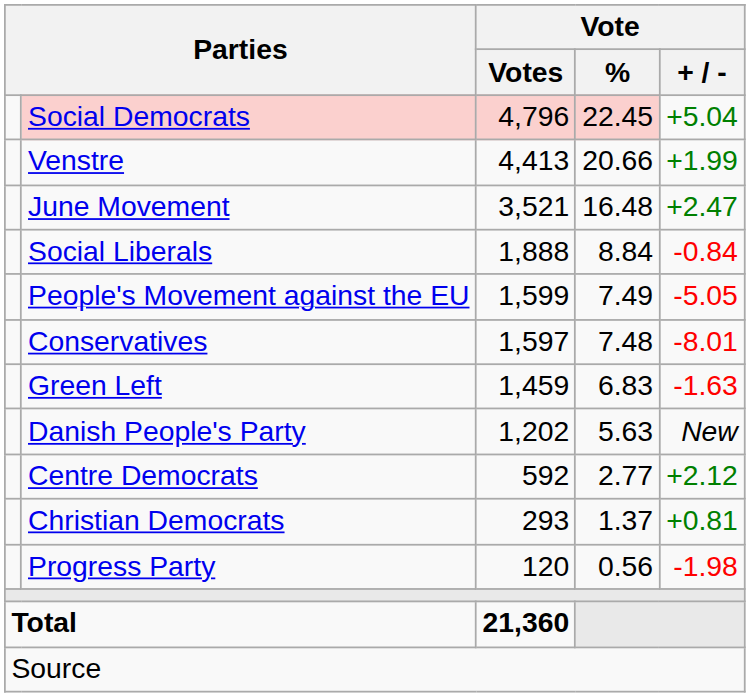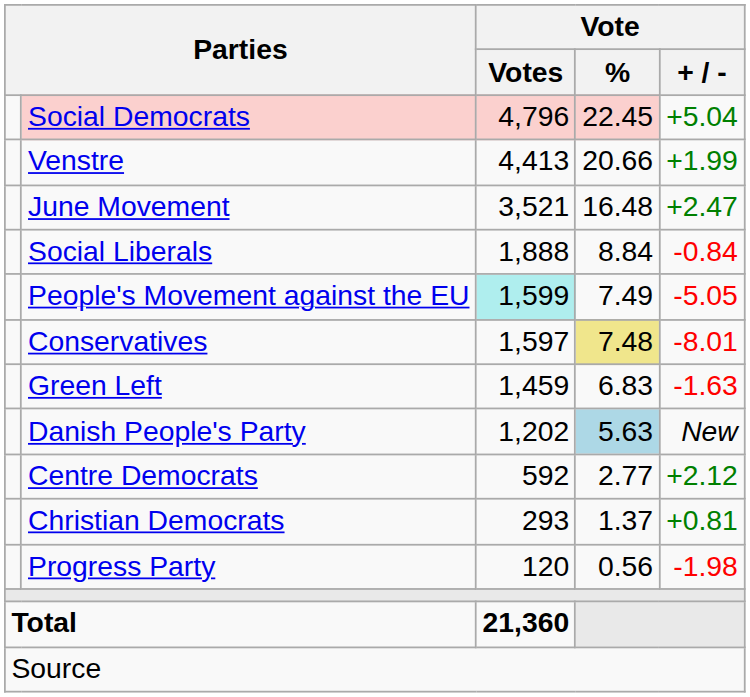 <table class="wikitable" style="text-align:right;">
 <tr>
 <th style="text-align:centre;" rowspan="2" colspan="2" width="225">Parties</th>
 <th colspan="3">Vote</th>
 </tr>
 <tr>
 <th width="15">Votes</th>
 <th width="15">%</th>
 <th width="15">+ / -</th>
 </tr>
 <tr>
 <td width="2" style="color:inherit;background:"></td>
 <td bgcolor=#fbd0ce   align="left"><a href='#'>Social Democrats</a></td>
 <td bgcolor=#fbd0ce>4,796</td>
 <td bgcolor=#fbd0ce>22.45</td>
 <td style=color:green;>+5.04</td>
 </tr>
 <tr>
 <td width="2" style="color:inherit;background:"></td>
 <td align="left"><a href='#'>Venstre</a></td>
 <td>4,413</td>
 <td>20.66</td>
 <td style=color:green;>+1.99</td>
 </tr>
 <tr>
 <td width="2" style="color:inherit;background:"></td>
 <td align="left"><a href='#'>June Movement</a></td>
 <td>3,521</td>
 <td>16.48</td>
 <td style=color:green;>+2.47</td>
 </tr>
 <tr>
 <td width="2" style="color:inherit;background:"></td>
 <td align="left"><a href='#'>Social Liberals</a></td>
 <td>1,888</td>
 <td>8.84</td>
 <td style=color:red;>-0.84</td>
 </tr>
 <tr>
 <td width="2" style="color:inherit;background:"></td>
 <td align="left"><a href='#'>People's Movement against the EU</a></td>
-<td>1,599</td>
+<td style="background: paleturquoise;">1,599</td>
 <td>7.49</td>
 <td style=color:red;>-5.05</td>
 </tr>
 <tr>
 <td width="2" style="color:inherit;background:"></td>
 <td align="left"><a href='#'>Conservatives</a></td>
 <td>1,597</td>
-<td>7.48</td>
+<td style="background: khaki;">7.48</td>
 <td style=color:red;>-8.01</td>
 </tr>
 <tr>
 <td width="2" style="color:inherit;background:"></td>
 <td align="left"><a href='#'>Green Left</a></td>
 <td>1,459</td>
 <td>6.83</td>
 <td style=color:red;>-1.63</td>
 </tr>
 <tr>
 <td width="2" style="color:inherit;background:"></td>
 <td align="left"><a href='#'>Danish People's Party</a></td>
 <td>1,202</td>
-<td>5.63</td>
+<td style="background: lightblue;">5.63</td>
 <td><em>New</em></td>
 </tr>
 <tr>
 <td width="2" style="color:inherit;background:"></td>
 <td align="left"><a href='#'>Centre Democrats</a></td>
 <td>592</td>
 <td>2.77</td>
 <td style=color:green;>+2.12</td>
 </tr>
 <tr>
 <td width="2" style="color:inherit;background:"></td>
 <td align="left"><a href='#'>Christian Democrats</a></td>
 <td>293</td>
 <td>1.37</td>
 <td style=color:green;>+0.81</td>
 </tr>
 <tr>
 <td width="2" style="color:inherit;background:"></td>
 <td align="left"><a href='#'>Progress Party</a></td>
 <td>120</td>
 <td>0.56</td>
 <td style=color:red;>-1.98</td>
 </tr>
 <tr>
 <td colspan="7" bgcolor="#E9E9E9"></td>
 </tr>
 <tr>
 <td align="left" colspan="2"><strong>Total</strong></td>
 <td><strong>21,360</strong></td>
 <td bgcolor="#E9E9E9" colspan="2"></td>
 </tr>
 <tr>
 <td align="left" colspan="6">Source</td>
 </tr>
 </table>
